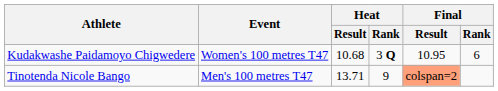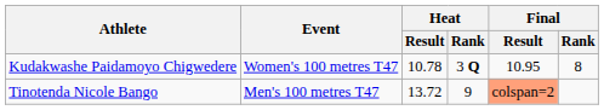 <table class="wikitable" style="text-align: center; font-size:90%">
 <tr>
 <th rowspan="2">Athlete</th>
 <th rowspan="2">Event</th>
 <th colspan="2">Heat</th>
 <th colspan="2">Final</th>
 </tr>
 <tr style="font-size:95%">
 <th>Result</th>
 <th>Rank</th>
 <th>Result</th>
 <th>Rank</th>
 </tr>
 <tr align=center>
 <td align=left><a href='#'>Kudakwashe Paidamoyo Chigwedere</a></td>
 <td align=left><a href='#'>Women's 100 metres T47</a></td>
-<td>10.68</td>
+<td>10.78</td>
 <td>3 <strong>Q</strong></td>
 <td>10.95</td>
-<td>6</td>
+<td>8</td>
 </tr>
 <tr align=center>
 <td align=left><a href='#'>Tinotenda Nicole Bango</a></td>
 <td align=left><a href='#'>Men's 100 metres T47</a></td>
-<td>13.71</td>
+<td>13.72</td>
 <td>9</td>
 <td style="background: lightsalmon;">colspan=2 </td>
 </tr>
 </table>
